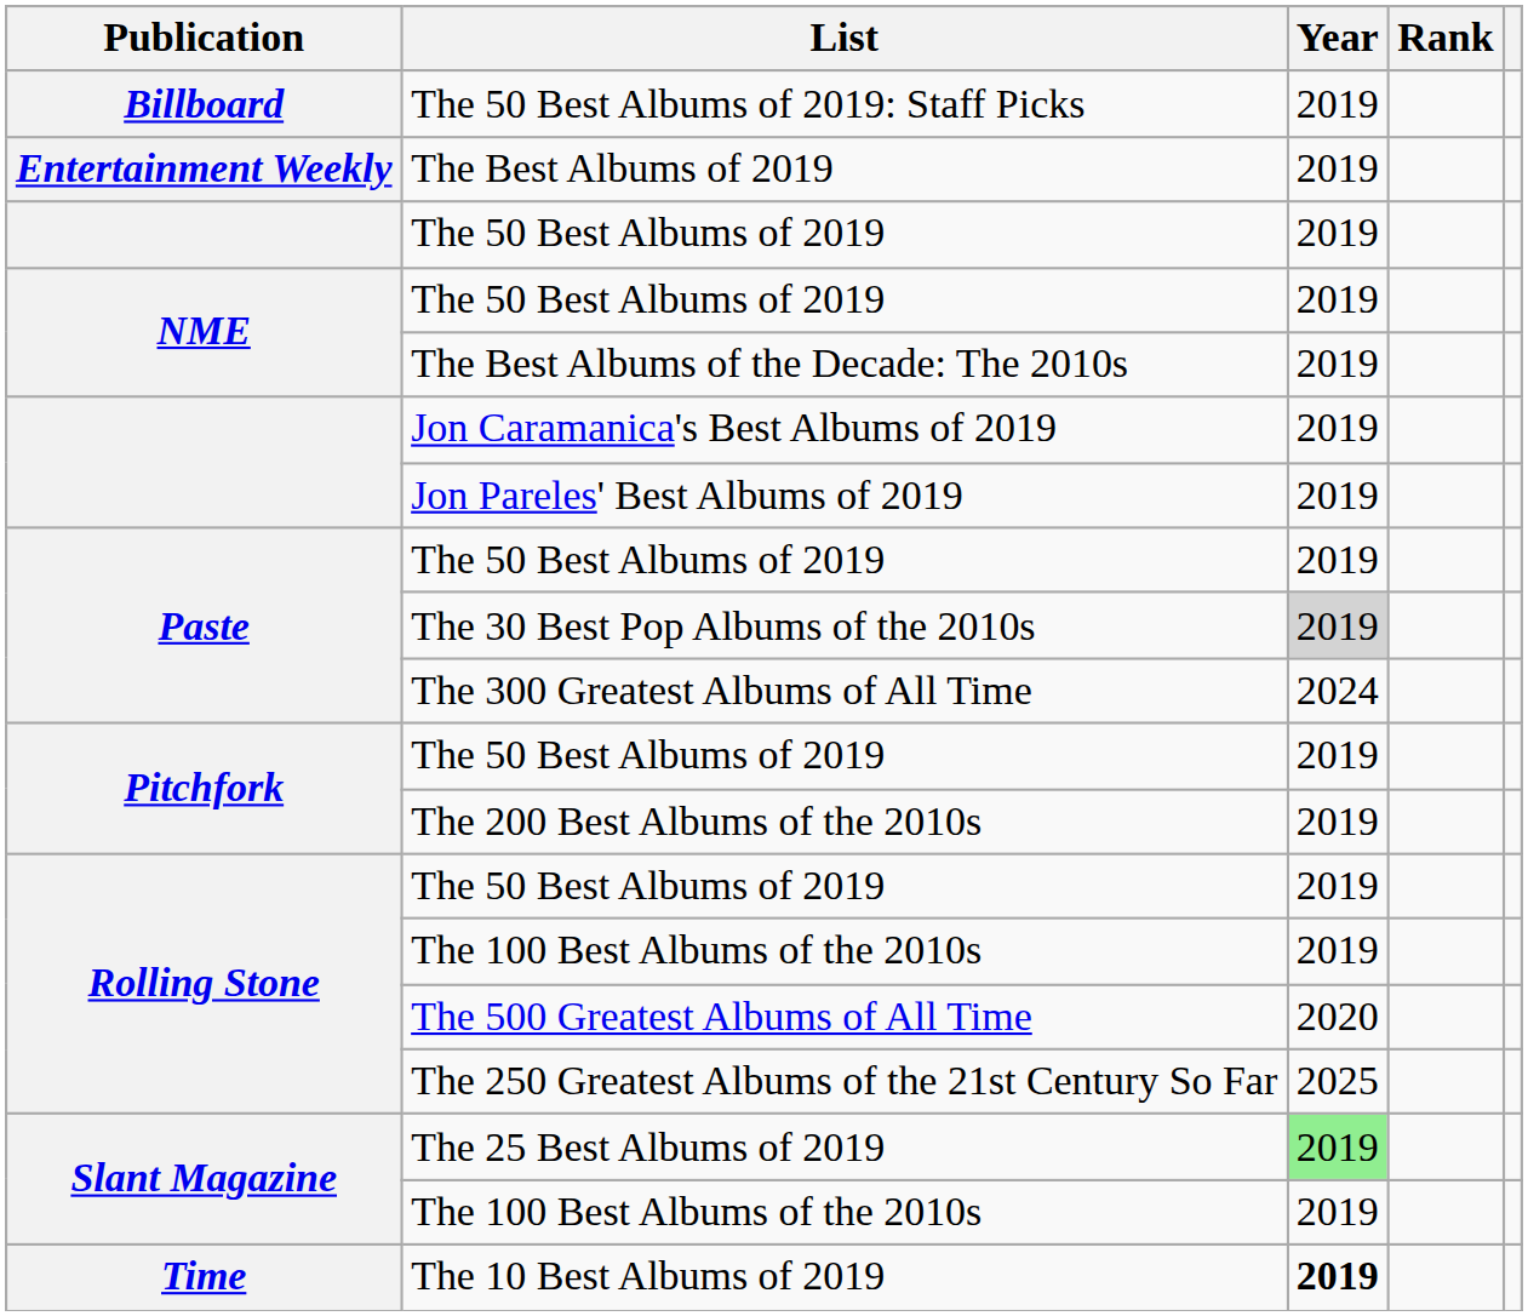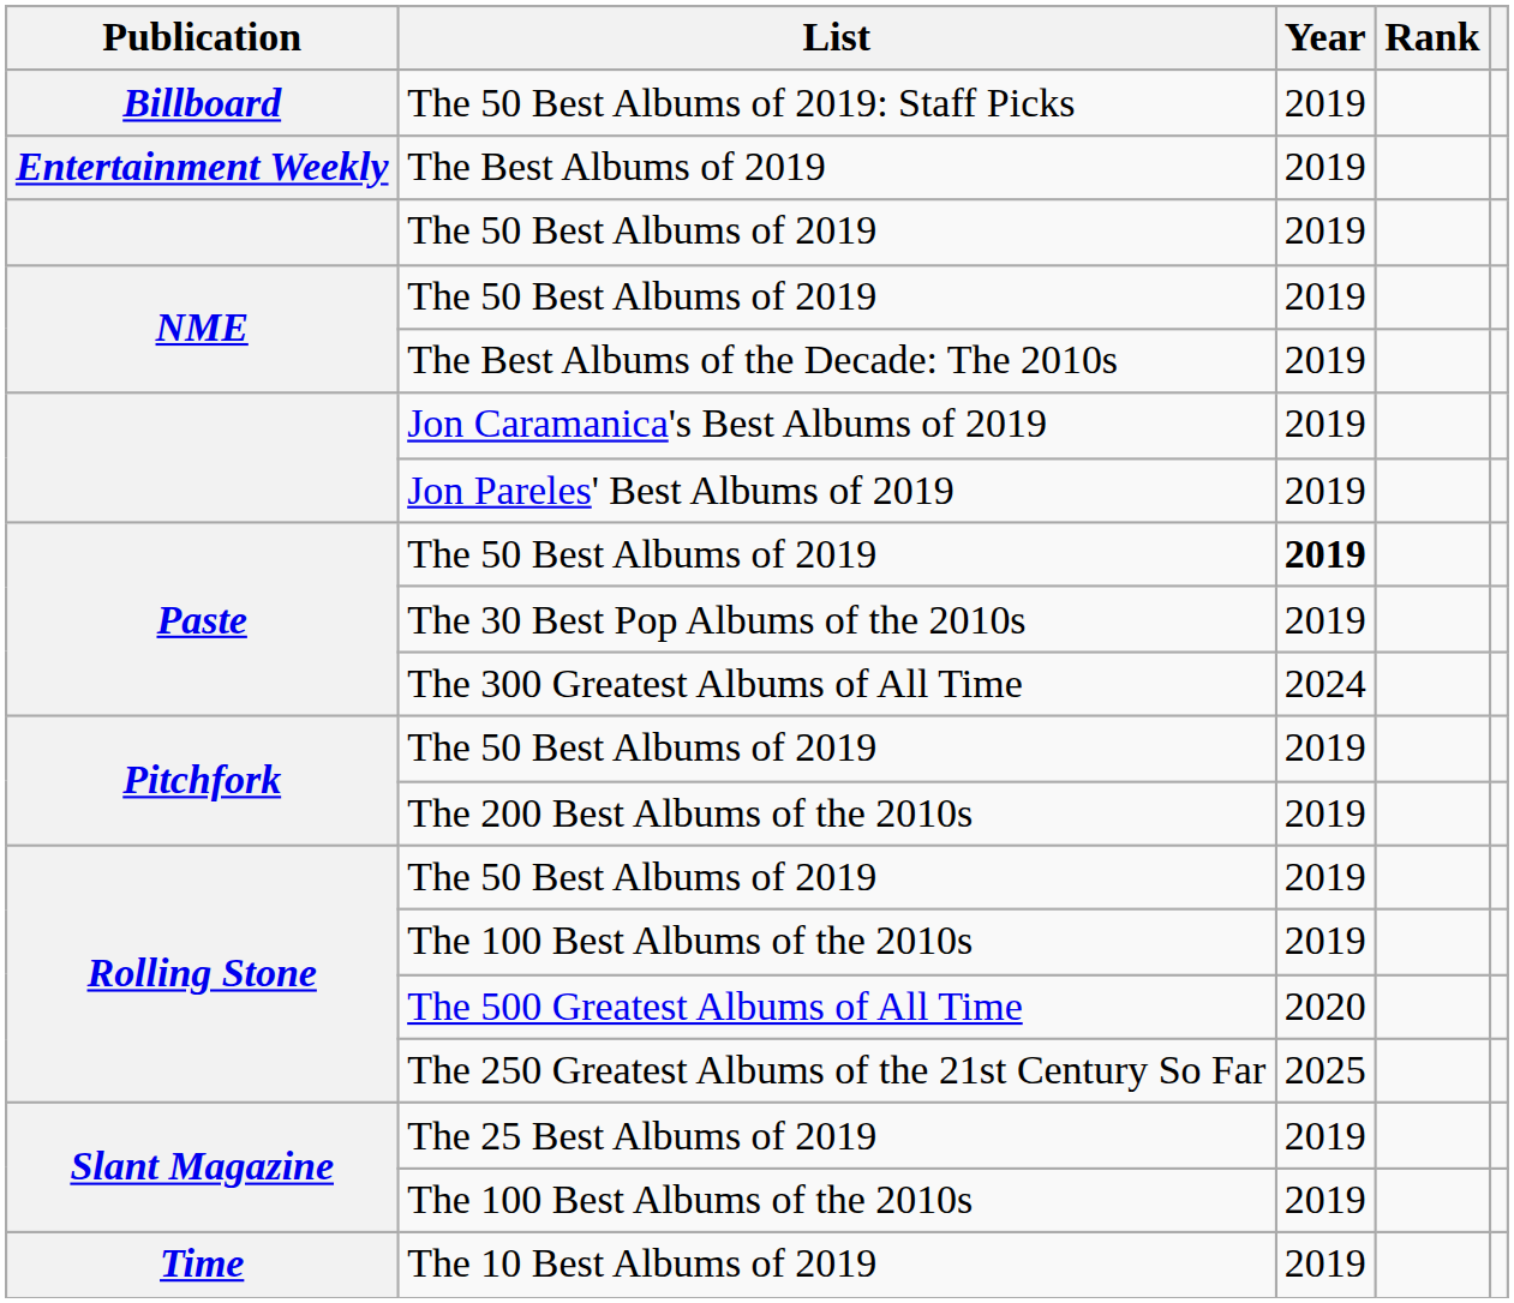 <table class="wikitable sortable plainrowheaders" style="border:none; margin:0;">
 <tr>
 <th scope="col">Publication</th>
 <th scope="col" class="unsortable">List</th>
 <th scope="col" data-sort-type="number">Year</th>
 <th scope="col" data-sort-type="number">Rank</th>
 <th scope="col" class="unsortable"></th>
 </tr>
 <tr>
 <th scope="row"><em><a href='#'>Billboard</a></em></th>
 <td>The 50 Best Albums of 2019: Staff Picks</td>
 <td>2019</td>
 <td></td>
 <td></td>
 </tr>
 <tr>
 <th scope="row"><em><a href='#'>Entertainment Weekly</a></em></th>
 <td>The Best Albums of 2019</td>
 <td>2019</td>
 <td></td>
 <td></td>
 </tr>
 <tr>
 <th scope="row"></th>
 <td>The 50 Best Albums of 2019</td>
 <td>2019</td>
 <td></td>
 <td></td>
 </tr>
 <tr>
 <th scope="row" rowspan="2"><em><a href='#'>NME</a></em></th>
 <td>The 50 Best Albums of 2019</td>
 <td>2019</td>
 <td></td>
 <td></td>
 </tr>
 <tr>
 <td>The Best Albums of the Decade: The 2010s</td>
 <td>2019</td>
 <td></td>
 <td></td>
 </tr>
 <tr>
 <th scope="row" rowspan="2"></th>
 <td><a href='#'>Jon Caramanica</a>'s Best Albums of 2019</td>
 <td>2019</td>
 <td></td>
 <td></td>
 </tr>
 <tr>
 <td><a href='#'>Jon Pareles</a>' Best Albums of 2019</td>
 <td>2019</td>
 <td></td>
 <td></td>
 </tr>
 <tr>
 <th scope="row" rowspan="3"><em><a href='#'>Paste</a></em></th>
 <td>The 50 Best Albums of 2019</td>
-<td>2019</td>
+<td><strong>2019</strong></td>
 <td></td>
 <td></td>
 </tr>
 <tr>
 <td>The 30 Best Pop Albums of the 2010s</td>
-<td style="background: lightgrey;">2019</td>
+<td>2019</td>
 <td></td>
 <td></td>
 </tr>
 <tr>
 <td>The 300 Greatest Albums of All Time</td>
 <td>2024</td>
 <td></td>
 <td></td>
 </tr>
 <tr>
 <th scope="row" rowspan="2"><em><a href='#'>Pitchfork</a></em></th>
 <td>The 50 Best Albums of 2019</td>
 <td>2019</td>
 <td></td>
 <td></td>
 </tr>
 <tr>
 <td>The 200 Best Albums of the 2010s</td>
 <td>2019</td>
 <td></td>
 <td></td>
 </tr>
 <tr>
 <th scope="row" rowspan="4"><em><a href='#'>Rolling Stone</a></em></th>
 <td>The 50 Best Albums of 2019</td>
 <td>2019</td>
 <td></td>
 <td></td>
 </tr>
 <tr>
 <td>The 100 Best Albums of the 2010s</td>
 <td>2019</td>
 <td></td>
 <td></td>
 </tr>
 <tr>
 <td><a href='#'>The 500 Greatest Albums of All Time</a></td>
 <td>2020</td>
 <td></td>
 <td></td>
 </tr>
 <tr>
 <td>The 250 Greatest Albums of the 21st Century So Far</td>
 <td>2025</td>
 <td></td>
 <td></td>
 </tr>
 <tr>
 <th scope="row" rowspan="2"><em><a href='#'>Slant Magazine</a></em></th>
 <td>The 25 Best Albums of 2019</td>
-<td style="background: lightgreen;">2019</td>
+<td>2019</td>
 <td></td>
 <td></td>
 </tr>
 <tr>
 <td>The 100 Best Albums of the 2010s</td>
 <td>2019</td>
 <td></td>
 <td></td>
 </tr>
 <tr>
 <th scope="row"><em><a href='#'>Time</a></em></th>
 <td>The 10 Best Albums of 2019</td>
-<td><strong>2019</strong></td>
+<td>2019</td>
 <td></td>
 <td></td>
 </tr>
 </table>
